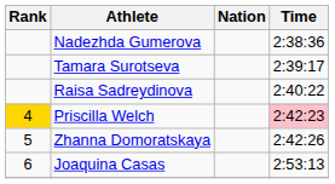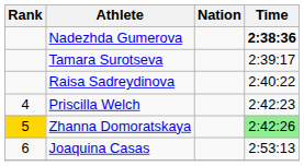 <table class="wikitable sortable" style="text-align:center;">
 <tr>
 <th>Rank</th>
 <th>Athlete</th>
 <th>Nation</th>
 <th>Time</th>
 </tr>
 <tr>
 <td></td>
 <td align=left><a href='#'>Nadezhda Gumerova</a></td>
 <td align=left></td>
-<td>2:38:36</td>
+<td><strong>2:38:36</strong></td>
 </tr>
 <tr>
 <td></td>
 <td align=left><a href='#'>Tamara Surotseva</a></td>
 <td align=left></td>
 <td>2:39:17</td>
 </tr>
 <tr>
 <td></td>
 <td align=left><a href='#'>Raisa Sadreydinova</a></td>
 <td align=left></td>
 <td>2:40:22</td>
 </tr>
 <tr>
-<td style="background: gold;">4</td>
+<td>4</td>
 <td align=left><a href='#'>Priscilla Welch</a></td>
 <td align=left></td>
-<td style="background: pink;">2:42:23</td>
+<td>2:42:23</td>
 </tr>
 <tr>
-<td>5</td>
+<td style="background: gold;">5</td>
 <td align=left><a href='#'>Zhanna Domoratskaya</a></td>
 <td align=left></td>
-<td>2:42:26</td>
+<td style="background: lightgreen;">2:42:26</td>
 </tr>
 <tr>
 <td>6</td>
 <td align=left><a href='#'>Joaquina Casas</a></td>
 <td align=left></td>
 <td>2:53:13</td>
 </tr>
 <tr>
 </tr>
 </table>
